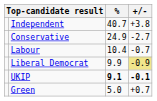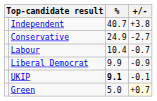 <table class="wikitable">
 <tr>
 <th colspan="2">Top-candidate result</th>
 <th>%</th>
 <th>+/-</th>
 </tr>
 <tr>
 <td style="background-color: "></td>
 <td><a href='#'>Independent</a></td>
 <td>40.7</td>
 <td><span>+3.8</span></td>
 </tr>
 <tr>
 <td style="background-color: "></td>
 <td><a href='#'>Conservative</a></td>
 <td>24.9</td>
 <td><span>-2.7</span></td>
 </tr>
 <tr>
 <td style="background-color: "></td>
 <td><a href='#'>Labour</a></td>
 <td>10.4</td>
 <td><span>-0.7</span></td>
 </tr>
 <tr>
 <td style="background-color: "></td>
 <td><a href='#'>Liberal Democrat</a></td>
 <td>9.9</td>
-<td style="background: khaki;"><span>-0.9</span></td>
+<td><span>-0.9</span></td>
 </tr>
 <tr>
 <td style="background-color: "></td>
 <td><a href='#'>UKIP</a></td>
 <td><strong>9.1</strong></td>
-<td><strong><span>-0.1</span></strong></td>
+<td><span>-0.1</span></td>
 </tr>
 <tr>
 <td style="background-color: "></td>
 <td><a href='#'>Green</a></td>
 <td>5.0</td>
-<td><span>+0.7</span></td>
+<td style="background: lightyellow;"><span>+0.7</span></td>
 </tr>
 </table>
